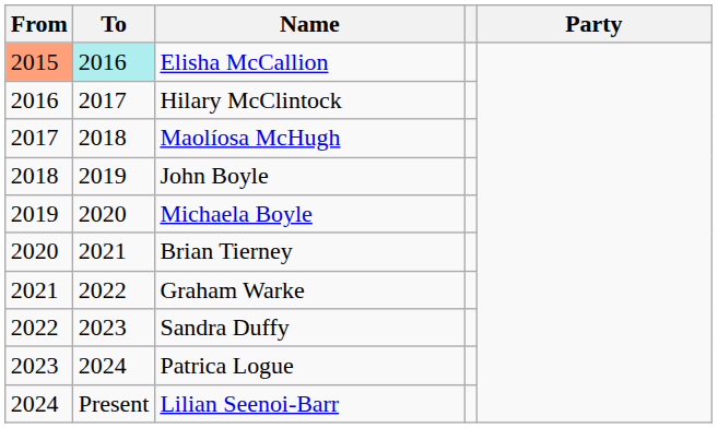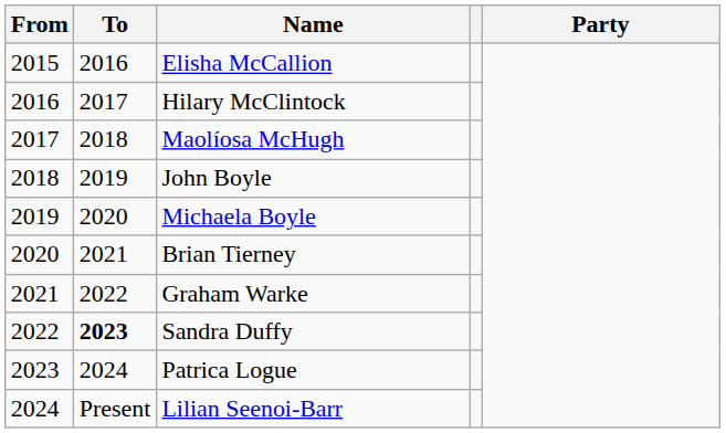 <table class="wikitable sortable">
 <tr>
 <th>From</th>
 <th>To</th>
 <th scope="col" width="200">Name</th>
 <th class="unsortable"></th>
 <th scope="col" width="150">Party</th>
 </tr>
 <tr>
-<td style="background: lightsalmon;">2015</td>
-<td style="background: paleturquoise;">2016</td>
+<td>2015</td>
+<td>2016</td>
 <td><a href='#'>Elisha McCallion</a></td>
 <td></td>
 </tr>
 <tr>
 <td>2016</td>
 <td>2017</td>
 <td>Hilary McClintock</td>
 <td></td>
 </tr>
 <tr>
 <td>2017</td>
 <td>2018</td>
 <td><a href='#'>Maolíosa McHugh</a></td>
 <td></td>
 </tr>
 <tr>
 <td>2018</td>
 <td>2019</td>
 <td>John Boyle</td>
 <td></td>
 </tr>
 <tr>
 <td>2019</td>
 <td>2020</td>
 <td><a href='#'>Michaela Boyle</a></td>
 <td></td>
 </tr>
 <tr>
 <td>2020</td>
 <td>2021</td>
 <td>Brian Tierney</td>
 <td></td>
 </tr>
 <tr>
 <td>2021</td>
 <td>2022</td>
 <td>Graham Warke</td>
 <td></td>
 </tr>
 <tr>
 <td>2022</td>
-<td>2023</td>
+<td><strong>2023</strong></td>
 <td>Sandra Duffy</td>
 <td></td>
 </tr>
 <tr>
 <td>2023</td>
 <td>2024</td>
 <td>Patrica Logue</td>
 <td></td>
 </tr>
 <tr>
 <td>2024</td>
 <td>Present</td>
 <td><a href='#'>Lilian Seenoi-Barr</a></td>
 <td></td>
 </tr>
 </table>
